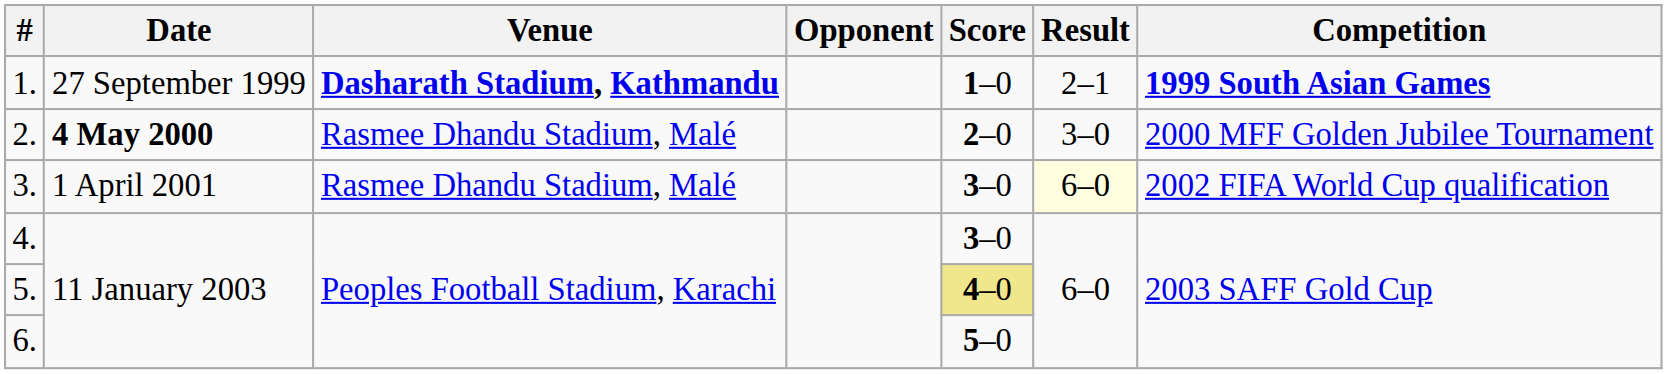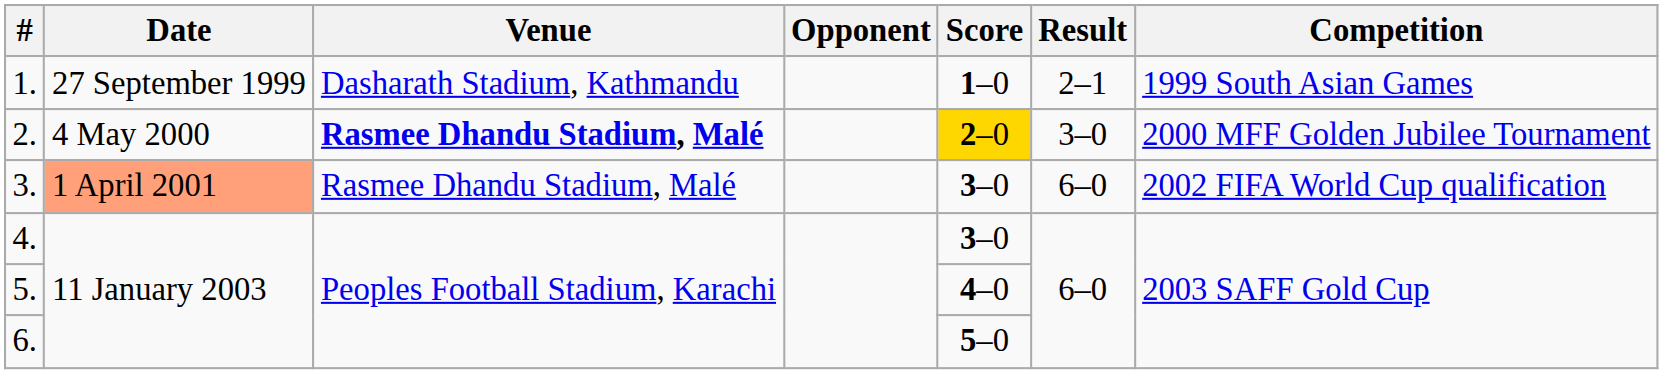 <table class="wikitable">
 <tr>
 <th>#</th>
 <th>Date</th>
 <th>Venue</th>
 <th>Opponent</th>
 <th>Score</th>
 <th>Result</th>
 <th>Competition</th>
 </tr>
 <tr>
 <td>1.</td>
 <td>27 September 1999</td>
-<td><strong><a href='#'>Dasharath Stadium</a>, <a href='#'>Kathmandu</a></strong></td>
+<td><a href='#'>Dasharath Stadium</a>, <a href='#'>Kathmandu</a></td>
 <td></td>
 <td style="text-align:center;"><strong>1</strong>–0</td>
 <td style="text-align:center;">2–1</td>
-<td><strong><a href='#'>1999 South Asian Games</a></strong></td>
+<td><a href='#'>1999 South Asian Games</a></td>
 </tr>
 <tr>
 <td>2.</td>
-<td><strong>4 May 2000</strong></td>
-<td><a href='#'>Rasmee Dhandu Stadium</a>, <a href='#'>Malé</a></td>
+<td>4 May 2000</td>
+<td><strong><a href='#'>Rasmee Dhandu Stadium</a>, <a href='#'>Malé</a></strong></td>
 <td></td>
-<td style="text-align:center;"><strong>2</strong>–0</td>
+<td style="background: gold; text-align:center;"><strong>2</strong>–0</td>
 <td style="text-align:center;">3–0</td>
 <td><a href='#'>2000 MFF Golden Jubilee Tournament</a></td>
 </tr>
 <tr>
 <td>3.</td>
-<td>1 April 2001</td>
+<td style="background: lightsalmon;">1 April 2001</td>
 <td><a href='#'>Rasmee Dhandu Stadium</a>, <a href='#'>Malé</a></td>
 <td></td>
 <td style="text-align:center;"><strong>3</strong>–0</td>
-<td style="background: lightyellow; text-align:center;">6–0</td>
+<td style="text-align:center;">6–0</td>
 <td><a href='#'>2002 FIFA World Cup qualification</a></td>
 </tr>
 <tr>
 <td>4.</td>
 <td rowspan=3>11 January 2003</td>
 <td rowspan=3><a href='#'>Peoples Football Stadium</a>, <a href='#'>Karachi</a></td>
 <td rowspan=3></td>
 <td style="text-align:center;"><strong>3</strong>–0</td>
 <td rowspan=3 style="text-align:center;">6–0</td>
 <td rowspan=3><a href='#'>2003 SAFF Gold Cup</a></td>
 </tr>
 <tr>
 <td>5.</td>
-<td style="background: khaki; text-align:center;"><strong>4</strong>–0</td>
+<td style="text-align:center;"><strong>4</strong>–0</td>
 </tr>
 <tr>
 <td>6.</td>
 <td style="text-align:center;"><strong>5</strong>–0</td>
 </tr>
 </table>
